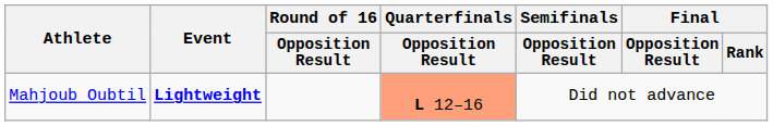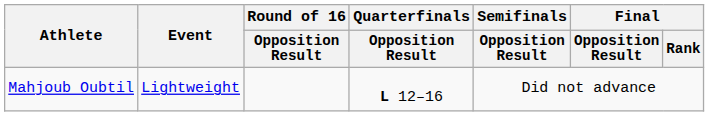 <table class="wikitable" style="font-size:90%">
 <tr>
 <th rowspan="2">Athlete</th>
 <th rowspan="2">Event</th>
 <th>Round of 16</th>
 <th>Quarterfinals</th>
 <th>Semifinals</th>
 <th colspan=2>Final</th>
 </tr>
 <tr style="font-size:95%">
 <th>Opposition<br>Result</th>
 <th>Opposition<br>Result</th>
 <th>Opposition<br>Result</th>
 <th>Opposition<br>Result</th>
 <th>Rank</th>
 </tr>
 <tr align=center>
 <td align=left><a href='#'>Mahjoub Oubtil</a></td>
-<td align=left><strong><a href='#'>Lightweight</a></strong></td>
+<td align=left><a href='#'>Lightweight</a></td>
 <td></td>
-<td style="background: lightsalmon;"><br><strong>L</strong> 12–16</td>
+<td><br><strong>L</strong> 12–16</td>
 <td colspan=3>Did not advance</td>
 </tr>
 </table>
